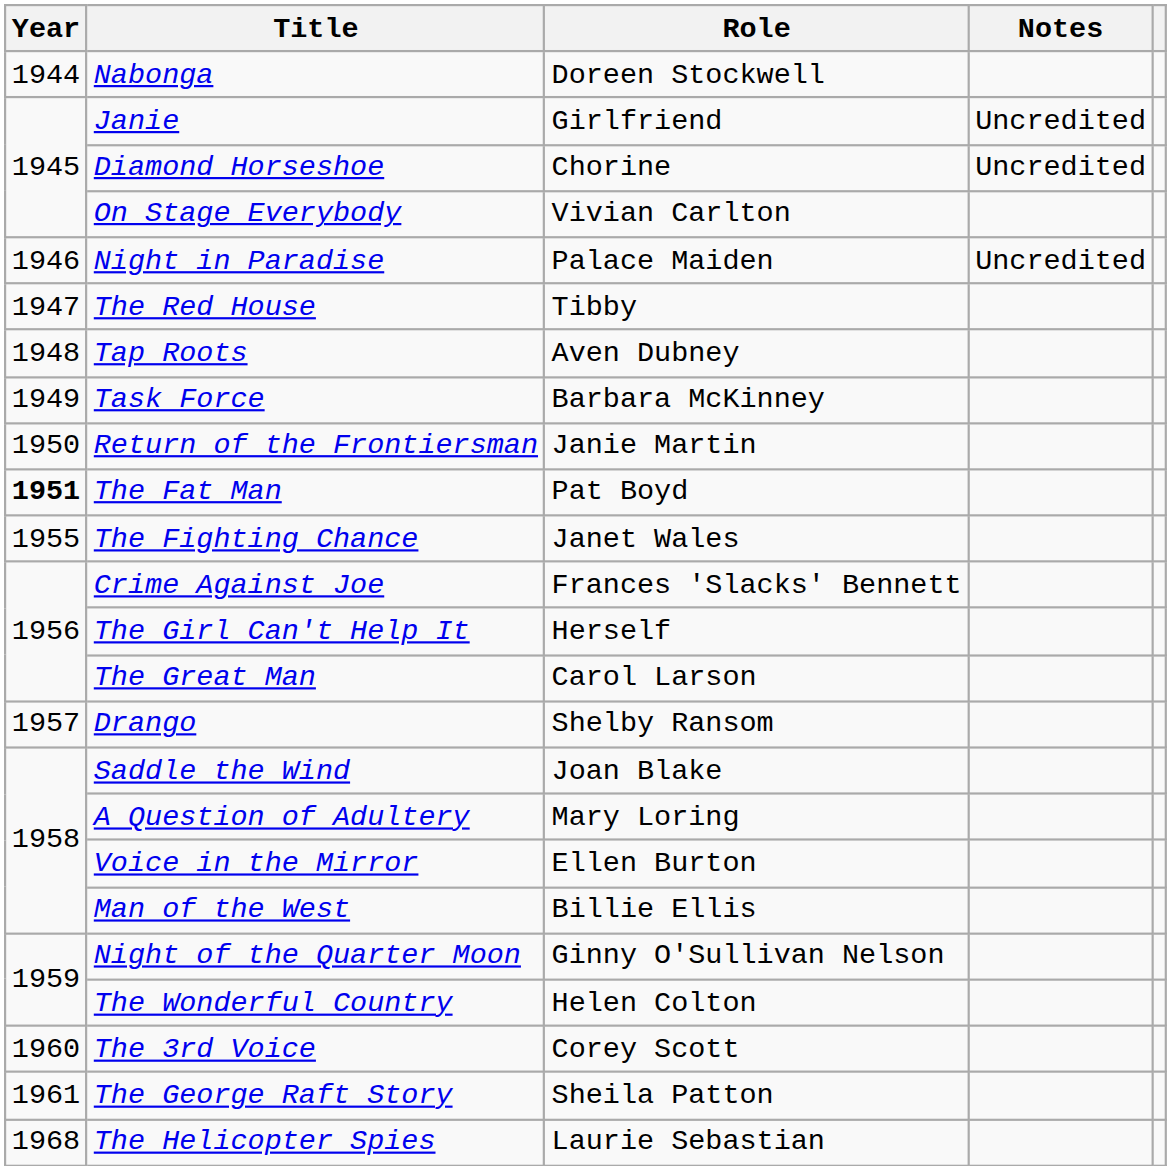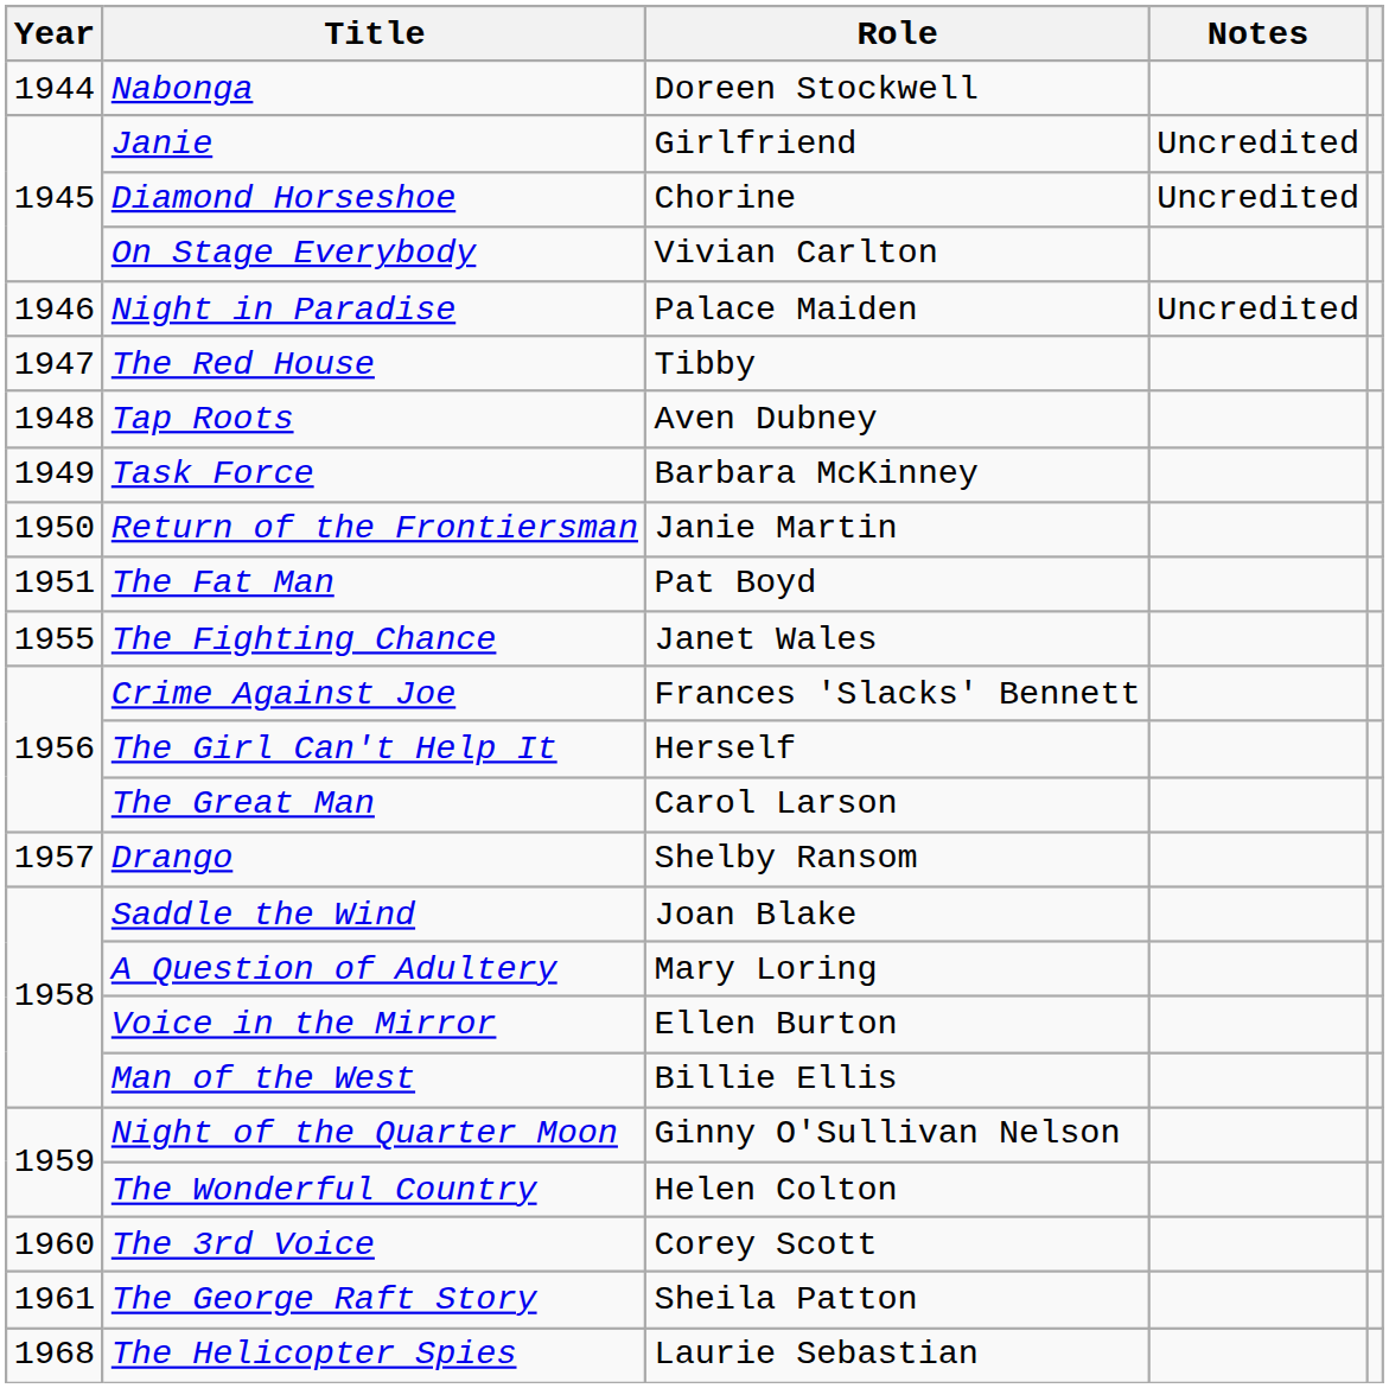 <table class="wikitable sortable">
 <tr>
 <th>Year</th>
 <th>Title</th>
 <th>Role</th>
 <th class="unsortable">Notes</th>
 <th class=unsortable></th>
 </tr>
 <tr>
 <td>1944</td>
 <td><em><a href='#'>Nabonga</a></em></td>
 <td>Doreen Stockwell</td>
 <td></td>
 <td align=center></td>
 </tr>
 <tr>
 <td rowspan="3">1945</td>
 <td><em><a href='#'>Janie</a></em></td>
 <td>Girlfriend</td>
 <td>Uncredited</td>
 <td align=center></td>
 </tr>
 <tr>
 <td><em><a href='#'>Diamond Horseshoe</a></em></td>
 <td>Chorine</td>
 <td>Uncredited</td>
 <td align=center></td>
 </tr>
 <tr>
 <td><em><a href='#'>On Stage Everybody</a></em></td>
 <td>Vivian Carlton</td>
 <td></td>
 <td align=center></td>
 </tr>
 <tr>
 <td>1946</td>
 <td><em><a href='#'>Night in Paradise</a></em></td>
 <td>Palace Maiden</td>
 <td>Uncredited</td>
 <td align=center></td>
 </tr>
 <tr>
 <td>1947</td>
 <td><em><a href='#'>The Red House</a></em></td>
 <td>Tibby</td>
 <td></td>
 <td align=center></td>
 </tr>
 <tr>
 <td>1948</td>
 <td><em><a href='#'>Tap Roots</a></em></td>
 <td>Aven Dubney</td>
 <td></td>
 <td align=center></td>
 </tr>
 <tr>
 <td>1949</td>
 <td><em><a href='#'>Task Force</a></em></td>
 <td>Barbara McKinney</td>
 <td></td>
 <td align=center></td>
 </tr>
 <tr>
 <td>1950</td>
 <td><em><a href='#'>Return of the Frontiersman</a></em></td>
 <td>Janie Martin</td>
 <td></td>
 <td align=center></td>
 </tr>
 <tr>
-<td><strong>1951</strong></td>
+<td>1951</td>
 <td><em><a href='#'>The Fat Man</a></em></td>
 <td>Pat Boyd</td>
 <td></td>
 <td align=center></td>
 </tr>
 <tr>
 <td>1955</td>
 <td><em><a href='#'>The Fighting Chance</a></em></td>
 <td>Janet Wales</td>
 <td></td>
 <td align=center></td>
 </tr>
 <tr>
 <td rowspan="3">1956</td>
 <td><em><a href='#'>Crime Against Joe</a></em></td>
 <td>Frances 'Slacks' Bennett</td>
 <td></td>
 <td align=center></td>
 </tr>
 <tr>
 <td><em><a href='#'>The Girl Can't Help It</a></em></td>
 <td>Herself</td>
 <td></td>
 <td align=center></td>
 </tr>
 <tr>
 <td><em><a href='#'>The Great Man</a></em></td>
 <td>Carol Larson</td>
 <td></td>
 <td align=center></td>
 </tr>
 <tr>
 <td>1957</td>
 <td><em><a href='#'>Drango</a></em></td>
 <td>Shelby Ransom</td>
 <td></td>
 <td align=center></td>
 </tr>
 <tr>
 <td rowspan="4">1958</td>
 <td><em><a href='#'>Saddle the Wind</a></em></td>
 <td>Joan Blake</td>
 <td></td>
 <td align=center></td>
 </tr>
 <tr>
 <td><em><a href='#'>A Question of Adultery</a></em></td>
 <td>Mary Loring</td>
 <td></td>
 <td align=center></td>
 </tr>
 <tr>
 <td><em><a href='#'>Voice in the Mirror</a></em></td>
 <td>Ellen Burton</td>
 <td></td>
 <td align=center></td>
 </tr>
 <tr>
 <td><em><a href='#'>Man of the West</a></em></td>
 <td>Billie Ellis</td>
 <td></td>
 <td align=center></td>
 </tr>
 <tr>
 <td rowspan="2">1959</td>
 <td><em><a href='#'>Night of the Quarter Moon</a></em></td>
 <td>Ginny O'Sullivan Nelson</td>
 <td></td>
 <td align=center></td>
 </tr>
 <tr>
 <td><em><a href='#'>The Wonderful Country</a></em></td>
 <td>Helen Colton</td>
 <td></td>
 <td align=center></td>
 </tr>
 <tr>
 <td>1960</td>
 <td><em><a href='#'>The 3rd Voice</a></em></td>
 <td>Corey Scott</td>
 <td></td>
 <td align=center></td>
 </tr>
 <tr>
 <td>1961</td>
 <td><em><a href='#'>The George Raft Story</a></em></td>
 <td>Sheila Patton</td>
 <td></td>
 <td align=center></td>
 </tr>
 <tr>
 <td>1968</td>
 <td><em><a href='#'>The Helicopter Spies</a></em></td>
 <td>Laurie Sebastian</td>
 <td></td>
 <td align=center></td>
 </tr>
 </table>
